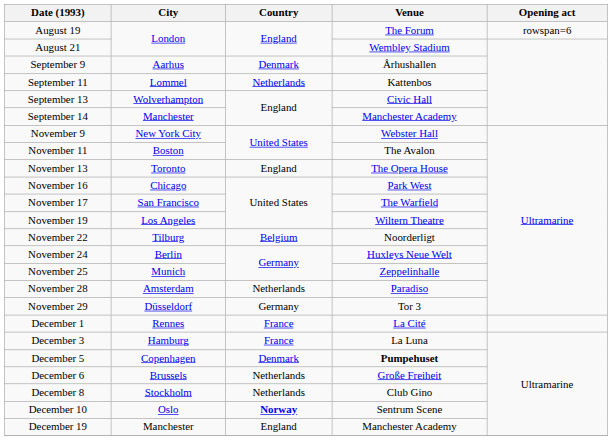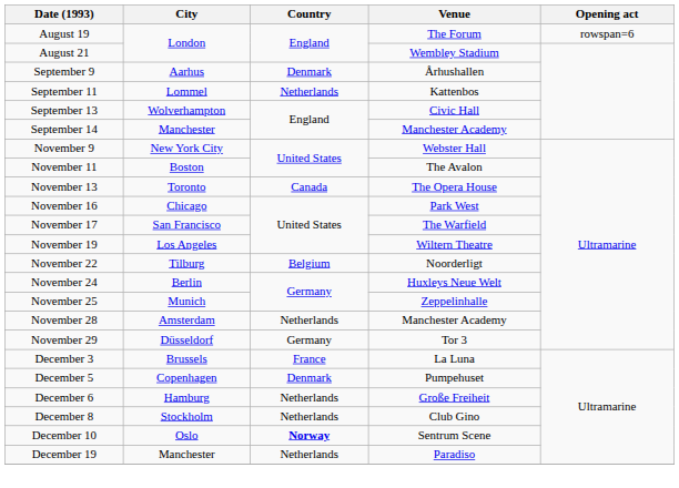 <table class="wikitable" style="text-align:center;">
 <tr>
 <th style="width:150px;">Date (1993)</th>
 <th style="width:160px;">City</th>
 <th style="width:150px;">Country</th>
 <th style="width:220px;">Venue</th>
 <th style="width:170px;">Opening act</th>
 </tr>
 <tr>
 <td>August 19</td>
 <td rowspan=2><a href='#'>London</a></td>
 <td rowspan=2><a href='#'>England</a></td>
 <td><a href='#'>The Forum</a></td>
 <td>rowspan=6 </td>
 </tr>
 <tr>
 <td>August 21</td>
 <td><a href='#'>Wembley Stadium</a></td>
 </tr>
 <tr>
 <td>September 9</td>
 <td><a href='#'>Aarhus</a></td>
 <td><a href='#'>Denmark</a></td>
 <td>Århushallen</td>
 </tr>
 <tr>
 <td>September 11</td>
 <td><a href='#'>Lommel</a></td>
 <td><a href='#'>Netherlands</a></td>
 <td>Kattenbos</td>
 </tr>
 <tr>
 <td>September 13</td>
 <td><a href='#'>Wolverhampton</a></td>
 <td rowspan="2">England</td>
 <td><a href='#'>Civic Hall</a></td>
 </tr>
 <tr>
 <td>September 14</td>
 <td><a href='#'>Manchester</a></td>
 <td><a href='#'>Manchester Academy</a></td>
 </tr>
 <tr>
 <td>November 9</td>
 <td><a href='#'>New York City</a></td>
 <td rowspan="2"><a href='#'>United States</a></td>
 <td><a href='#'>Webster Hall</a></td>
 <td rowspan=11><a href='#'>Ultramarine</a></td>
 </tr>
 <tr>
 <td>November 11</td>
 <td><a href='#'>Boston</a></td>
 <td>The Avalon</td>
 </tr>
 <tr>
 <td>November 13</td>
 <td><a href='#'>Toronto</a></td>
-<td>England</td>
+<td><a href='#'>Canada</a></td>
 <td><a href='#'>The Opera House</a></td>
 </tr>
 <tr>
 <td>November 16</td>
 <td><a href='#'>Chicago</a></td>
 <td rowspan="3">United States</td>
 <td><a href='#'>Park West</a></td>
 </tr>
 <tr>
 <td>November 17</td>
 <td><a href='#'>San Francisco</a></td>
 <td><a href='#'>The Warfield</a></td>
 </tr>
 <tr>
 <td>November 19</td>
 <td><a href='#'>Los Angeles</a></td>
 <td><a href='#'>Wiltern Theatre</a></td>
 </tr>
 <tr>
 <td>November 22</td>
 <td><a href='#'>Tilburg</a></td>
 <td><a href='#'>Belgium</a></td>
 <td>Noorderligt</td>
 </tr>
 <tr>
 <td>November 24</td>
 <td><a href='#'>Berlin</a></td>
 <td rowspan=2><a href='#'>Germany</a></td>
 <td><a href='#'>Huxleys Neue Welt</a></td>
 </tr>
 <tr>
 <td>November 25</td>
 <td><a href='#'>Munich</a></td>
 <td><a href='#'>Zeppelinhalle</a></td>
 </tr>
 <tr>
 <td>November 28</td>
 <td><a href='#'>Amsterdam</a></td>
 <td>Netherlands</td>
-<td><a href='#'>Paradiso</a></td>
+<td>Manchester Academy</td>
 </tr>
 <tr>
 <td>November 29</td>
 <td><a href='#'>Düsseldorf</a></td>
 <td>Germany</td>
 <td>Tor 3</td>
 </tr>
 <tr>
-<td>December 1</td>
-<td><a href='#'>Rennes</a></td>
-<td><a href='#'>France</a></td>
-<td><a href='#'>La Cité</a></td>
-<td></td>
-</tr>
-<tr>
 <td>December 3</td>
-<td><a href='#'>Hamburg</a></td>
+<td><a href='#'>Brussels</a></td>
 <td><a href='#'>France</a></td>
 <td>La Luna</td>
 <td rowspan=6>Ultramarine</td>
 </tr>
 <tr>
 <td>December 5</td>
 <td><a href='#'>Copenhagen</a></td>
 <td><a href='#'>Denmark</a></td>
-<td><strong>Pumpehuset</strong></td>
+<td>Pumpehuset</td>
 </tr>
 <tr>
 <td>December 6</td>
-<td><a href='#'>Brussels</a></td>
+<td><a href='#'>Hamburg</a></td>
 <td>Netherlands</td>
 <td><a href='#'>Große Freiheit</a></td>
 </tr>
 <tr>
 <td>December 8</td>
 <td><a href='#'>Stockholm</a></td>
 <td>Netherlands</td>
 <td>Club Gino</td>
 </tr>
 <tr>
 <td>December 10</td>
 <td><a href='#'>Oslo</a></td>
 <td><strong><a href='#'>Norway</a></strong></td>
 <td>Sentrum Scene</td>
 </tr>
 <tr>
 <td>December 19</td>
 <td>Manchester</td>
-<td>England</td>
-<td>Manchester Academy</td>
+<td>Netherlands</td>
+<td><a href='#'>Paradiso</a></td>
 </tr>
 <tr>
 </tr>
 </table>
